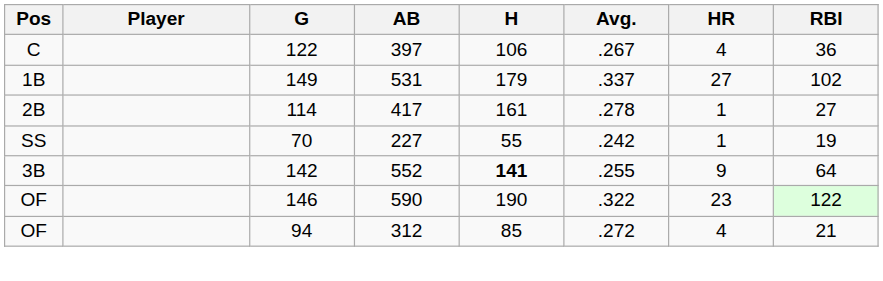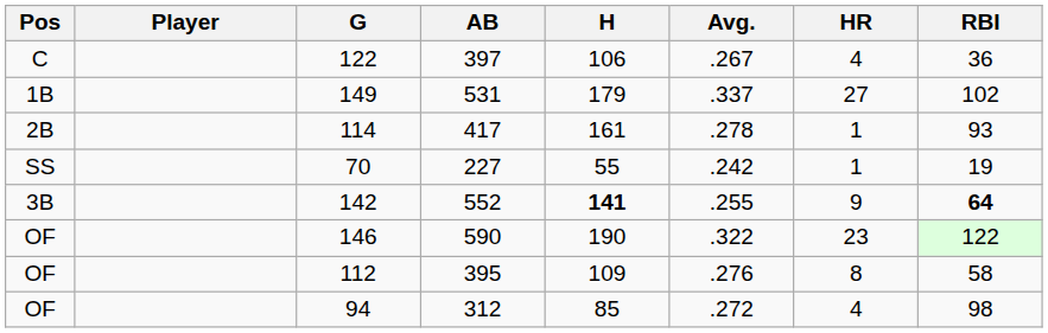 <table class="wikitable sortable">
 <tr>
 <th bgcolor="#DDDDFF" width="5%">Pos</th>
 <th bgcolor="#DDDDFF" width="16%">Player</th>
 <th bgcolor="#DDDDFF" width="9%">G</th>
 <th bgcolor="#DDDDFF" width="9%">AB</th>
 <th bgcolor="#DDDDFF" width="9%">H</th>
 <th bgcolor="#DDDDFF" width="9%">Avg.</th>
 <th bgcolor="#DDDDFF" width="9%">HR</th>
 <th bgcolor="#DDDDFF" width="9%">RBI</th>
 </tr>
 <tr align="center">
 <td>C</td>
 <td></td>
 <td>122</td>
 <td>397</td>
 <td>106</td>
 <td>.267</td>
 <td>4</td>
 <td>36</td>
 </tr>
 <tr align="center">
 <td>1B</td>
 <td></td>
 <td>149</td>
 <td>531</td>
 <td>179</td>
 <td>.337</td>
 <td>27</td>
 <td>102</td>
 </tr>
 <tr align="center">
 <td>2B</td>
 <td></td>
 <td>114</td>
 <td>417</td>
 <td>161</td>
 <td>.278</td>
 <td>1</td>
-<td>27</td>
+<td>93</td>
 </tr>
 <tr align="center">
 <td>SS</td>
 <td></td>
 <td>70</td>
 <td>227</td>
 <td>55</td>
 <td>.242</td>
 <td>1</td>
 <td>19</td>
 </tr>
 <tr align="center">
 <td>3B</td>
 <td></td>
 <td>142</td>
 <td>552</td>
 <td><strong>141</strong></td>
 <td>.255</td>
 <td>9</td>
-<td>64</td>
+<td><strong>64</strong></td>
 </tr>
 <tr align="center">
 <td>OF</td>
 <td></td>
 <td>146</td>
 <td>590</td>
 <td>190</td>
 <td>.322</td>
 <td>23</td>
 <td style="background:#DDFFDD;">122</td>
 </tr>
 <tr align="center">
 <td>OF</td>
 <td></td>
+<td>112</td>
+<td>395</td>
+<td>109</td>
+<td>.276</td>
+<td>8</td>
+<td>58</td>
+</tr>
+<tr align="center">
+<td>OF</td>
+<td></td>
 <td>94</td>
 <td>312</td>
 <td>85</td>
 <td>.272</td>
 <td>4</td>
-<td>21</td>
+<td>98</td>
 </tr>
 </table>
